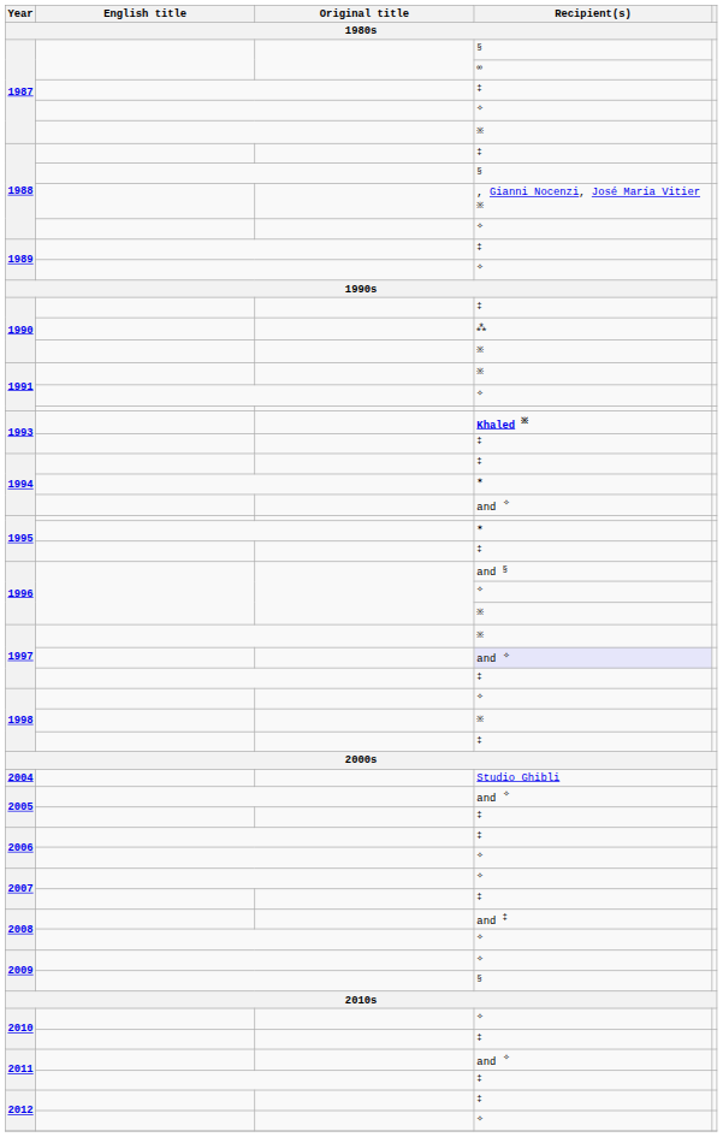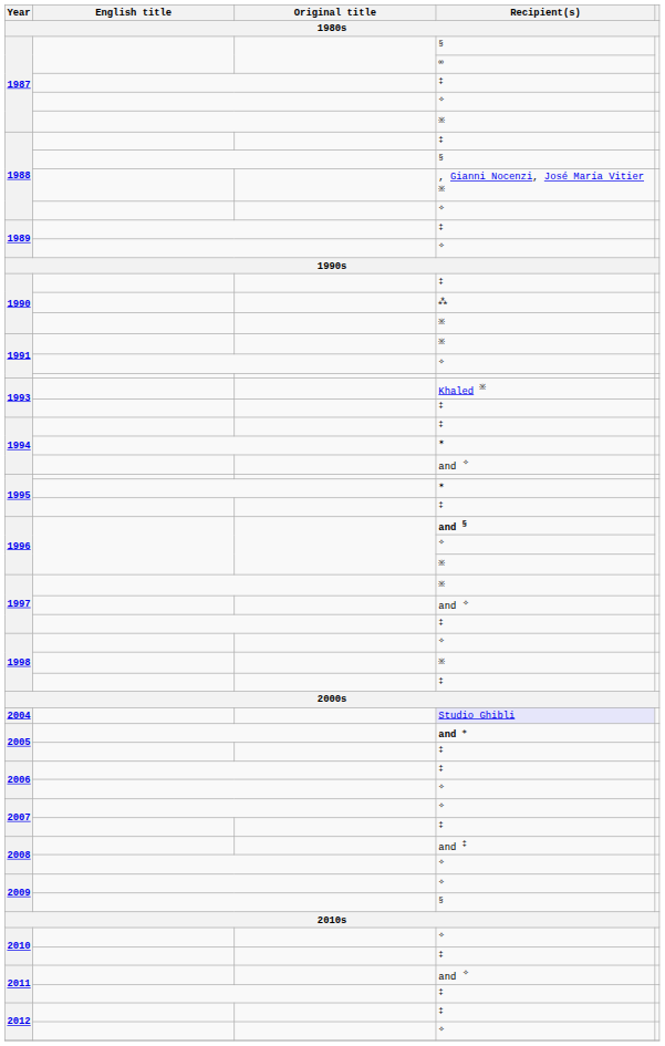 <table class="wikitable plainrowheaders">
 <tr>
 <th scope="col">Year</th>
 <th width="300"><strong>English title</strong></th>
 <th width="300"><strong>Original title</strong></th>
 <th width="320"><strong>Recipient(s)</strong></th>
 <th scope="col"></th>
 </tr>
 <tr>
 <th colspan="6">1980s</th>
 </tr>
 <tr>
 <th rowspan="5" style="text-align:center;"><a href='#'>1987</a></th>
 <td rowspan="2"></td>
 <td rowspan="2"></td>
 <td> <sup>§ </sup></td>
 <td rowspan="2" align="center"></td>
 </tr>
 <tr>
 <td> <sup>∞ </sup></td>
 </tr>
 <tr>
 <td colspan="2"></td>
 <td> <sup>‡ </sup></td>
 <td align="center"></td>
 </tr>
 <tr>
 <td colspan="2"></td>
 <td> <sup>✧ </sup></td>
 <td align="center"></td>
 </tr>
 <tr>
 <td colspan="2"></td>
 <td> <sup>※ </sup></td>
 <td align="center"></td>
 </tr>
 <tr>
 <th rowspan="4" style="text-align:center;"><a href='#'>1988</a></th>
 <td></td>
 <td></td>
 <td> <sup>‡ </sup></td>
 <td align="center"></td>
 </tr>
 <tr>
 <td colspan="2"></td>
 <td> <sup>§ </sup></td>
 <td align="center"></td>
 </tr>
 <tr>
 <td></td>
 <td></td>
 <td>, <a href='#'>Gianni Nocenzi</a>, <a href='#'>José María Vitier</a> <sup>※ </sup></td>
 <td align="center"></td>
 </tr>
 <tr>
 <td></td>
 <td></td>
 <td> <sup>✧ </sup></td>
 <td align="center"></td>
 </tr>
 <tr>
 <th rowspan="2" style="text-align:center;"><a href='#'>1989</a></th>
 <td colspan="2"></td>
 <td> <sup>‡ </sup></td>
 <td align="center"></td>
 </tr>
 <tr>
 <td colspan="2"></td>
 <td> <sup>✧ </sup></td>
 <td align="center"></td>
 </tr>
 <tr>
 <th colspan="6">1990s</th>
 </tr>
 <tr>
 <th rowspan="3" style="text-align:center;"><a href='#'>1990</a></th>
 <td></td>
 <td></td>
 <td> <sup>‡ </sup></td>
 <td align="center"></td>
 </tr>
 <tr>
 <td></td>
 <td></td>
 <td> <sup>⁂ </sup></td>
 <td align="center"></td>
 </tr>
 <tr>
 <td></td>
 <td></td>
 <td> <sup>※ </sup></td>
 <td align="center"></td>
 </tr>
 <tr>
 <th rowspan="3" style="text-align:center;"><a href='#'>1991</a></th>
 <td></td>
 <td></td>
 <td> <sup>※ </sup></td>
 <td align="center"></td>
 </tr>
 <tr>
 <td colspan="2"></td>
 <td> <sup>✧ </sup></td>
 <td align="center"></td>
 </tr>
 <tr>
 <td></td>
 <td></td>
 <td></td>
 <td align="center"></td>
 </tr>
 <tr>
 <th style="text-align:center;" rowspan="2"><a href='#'>1993</a></th>
 <td></td>
 <td></td>
-<td><strong><a href='#'>Khaled</a> <sup>※ </sup></strong></td>
+<td><a href='#'>Khaled</a> <sup>※ </sup></td>
 <td align="center"></td>
 </tr>
 <tr>
 <td></td>
 <td></td>
 <td> <sup>‡ </sup></td>
 <td align="center"></td>
 </tr>
 <tr>
 <th style="text-align:center;" rowspan="3"><a href='#'>1994</a></th>
 <td></td>
 <td></td>
 <td> <sup>‡ </sup></td>
 <td align="center"></td>
 </tr>
 <tr>
 <td colspan="2"></td>
 <td> <sup>✶ </sup></td>
 <td align="center"></td>
 </tr>
 <tr>
 <td></td>
 <td></td>
 <td> and  <sup>✧ </sup></td>
 <td align="center"></td>
 </tr>
 <tr>
 <th style="text-align:center;" rowspan="3"><a href='#'>1995</a></th>
 <td></td>
 <td></td>
 <td></td>
 <td align="center"></td>
 </tr>
 <tr>
 <td colspan="2"></td>
 <td> <sup>✶ </sup></td>
 <td align="center"></td>
 </tr>
 <tr>
 <td></td>
 <td></td>
 <td> <sup>‡ </sup></td>
 <td align="center"></td>
 </tr>
 <tr>
 <th style="text-align:center;" rowspan="3"><a href='#'>1996</a></th>
 <td rowspan="3"></td>
 <td rowspan="3"></td>
-<td> and  <sup>§ </sup></td>
+<td><strong> and  <sup>§ </sup></strong></td>
 <td rowspan="3" align="center"></td>
 </tr>
 <tr>
 <td> <sup>✧ </sup></td>
 </tr>
 <tr>
 <td> <sup>※ </sup></td>
 </tr>
 <tr>
 <th rowspan="3" style="text-align:center;"><a href='#'>1997</a></th>
 <td colspan="2"></td>
 <td> <sup>※ </sup></td>
 <td align="center"></td>
 </tr>
 <tr>
 <td></td>
 <td></td>
-<td style="background: lavender;"> and  <sup>✧ </sup></td>
+<td> and  <sup>✧ </sup></td>
 <td align="center"></td>
 </tr>
 <tr>
 <td colspan="2"></td>
 <td> <sup>‡ </sup></td>
 <td align="center"></td>
 </tr>
 <tr>
 <th rowspan="3" style="text-align:center;"><a href='#'>1998</a></th>
 <td></td>
 <td></td>
 <td> <sup>✧ </sup></td>
 <td align="center"></td>
 </tr>
 <tr>
 <td></td>
 <td></td>
 <td> <sup>※ </sup></td>
 <td align="center"></td>
 </tr>
 <tr>
 <td></td>
 <td></td>
 <td> <sup>‡ </sup></td>
 <td align="center"></td>
 </tr>
 <tr>
 <th colspan="5">2000s</th>
 </tr>
 <tr>
 <th style="text-align:center;"><a href='#'>2004</a></th>
 <td></td>
 <td></td>
-<td><a href='#'>Studio Ghibli</a></td>
+<td style="background: lavender;"><a href='#'>Studio Ghibli</a></td>
 <td align="center"></td>
 </tr>
 <tr>
 <th rowspan="2" style="text-align:center;"><a href='#'>2005</a></th>
 <td colspan="2"></td>
-<td> and  <sup>✧ </sup></td>
+<td><strong> and  <sup>✧ </sup></strong></td>
 <td align="center"></td>
 </tr>
 <tr>
 <td></td>
 <td></td>
 <td> <sup>‡ </sup></td>
 <td align="center"></td>
 </tr>
 <tr>
 <th rowspan="2" style="text-align:center;"><a href='#'>2006</a></th>
 <td colspan="2"></td>
 <td> <sup>‡ </sup></td>
 <td align="center"></td>
 </tr>
 <tr>
 <td colspan="2"></td>
 <td> <sup>✧ </sup></td>
 <td align="center"></td>
 </tr>
 <tr>
 <th rowspan="2" style="text-align:center;"><a href='#'>2007</a></th>
 <td colspan="2"></td>
 <td> <sup>✧ </sup></td>
 <td align="center"></td>
 </tr>
 <tr>
 <td></td>
 <td></td>
 <td> <sup>‡ </sup></td>
 <td align="center"></td>
 </tr>
 <tr>
 <th rowspan="2" style="text-align:center;"><a href='#'>2008</a></th>
 <td></td>
 <td></td>
 <td> and  <sup>‡ </sup></td>
 <td align="center"></td>
 </tr>
 <tr>
 <td colspan="2"></td>
 <td> <sup>✧ </sup></td>
 <td align="center"></td>
 </tr>
 <tr>
 <th rowspan="2" style="text-align:center;"><a href='#'>2009</a></th>
 <td colspan="2"></td>
 <td> <sup>✧ </sup></td>
 <td align="center"></td>
 </tr>
 <tr>
 <td colspan="2"></td>
 <td> <sup>§ </sup></td>
 <td align="center"></td>
 </tr>
 <tr>
 <th colspan="5">2010s</th>
 </tr>
 <tr>
 <th rowspan="2" style="text-align:center;"><a href='#'>2010</a></th>
 <td></td>
 <td></td>
 <td> <sup>✧ </sup></td>
 <td align="center"></td>
 </tr>
 <tr>
 <td></td>
 <td></td>
 <td> <sup>‡ </sup></td>
 <td align="center"></td>
 </tr>
 <tr>
 <th rowspan="2" style="text-align:center;"><a href='#'>2011</a></th>
 <td></td>
 <td></td>
 <td> and  <sup>✧ </sup></td>
 <td align="center"></td>
 </tr>
 <tr>
 <td colspan="2"></td>
 <td> <sup>‡ </sup></td>
 <td align="center"></td>
 </tr>
 <tr>
 <th rowspan="2" style="text-align:center;"><a href='#'>2012</a></th>
 <td></td>
 <td></td>
 <td> <sup>‡ </sup></td>
 <td align="center"></td>
 </tr>
 <tr>
 <td></td>
 <td></td>
 <td> <sup>✧ </sup></td>
 <td align="center"></td>
 </tr>
 <tr>
 </tr>
 </table>
